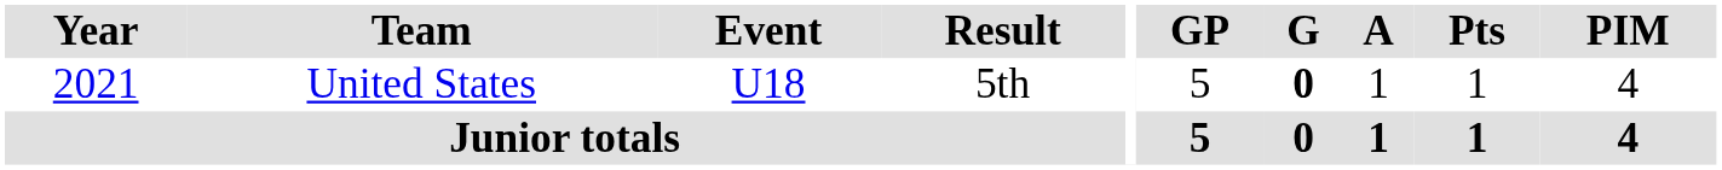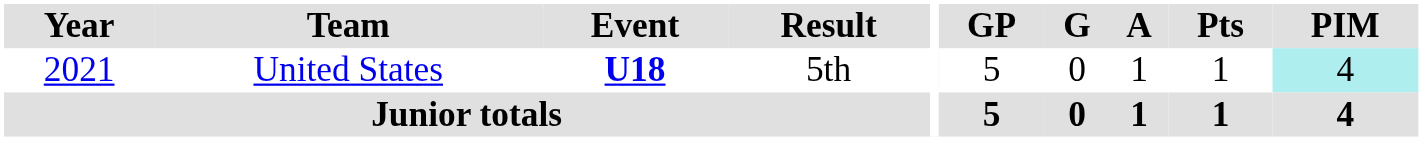 <table border="0" cellpadding="1" cellspacing="0" ID="Table3" style="text-align:center; width:40em;">
 <tr bgcolor="#e0e0e0">
 <th>Year</th>
 <th>Team</th>
 <th>Event</th>
 <th>Result</th>
 <th rowspan="98" bgcolor="#ffffff"></th>
 <th>GP</th>
 <th>G</th>
 <th>A</th>
 <th>Pts</th>
 <th>PIM</th>
 </tr>
 <tr>
 <td><a href='#'>2021</a></td>
 <td><a href='#'>United States</a></td>
-<td><a href='#'>U18</a></td>
+<td><strong><a href='#'>U18</a></strong></td>
 <td>5th</td>
 <td>5</td>
-<td><strong>0</strong></td>
+<td>0</td>
 <td>1</td>
 <td>1</td>
-<td>4</td>
+<td style="background: paleturquoise;">4</td>
 </tr>
 <tr bgcolor="#e0e0e0">
 <th colspan="4">Junior totals</th>
 <th>5</th>
 <th>0</th>
 <th>1</th>
 <th>1</th>
 <th>4</th>
 </tr>
 </table>
